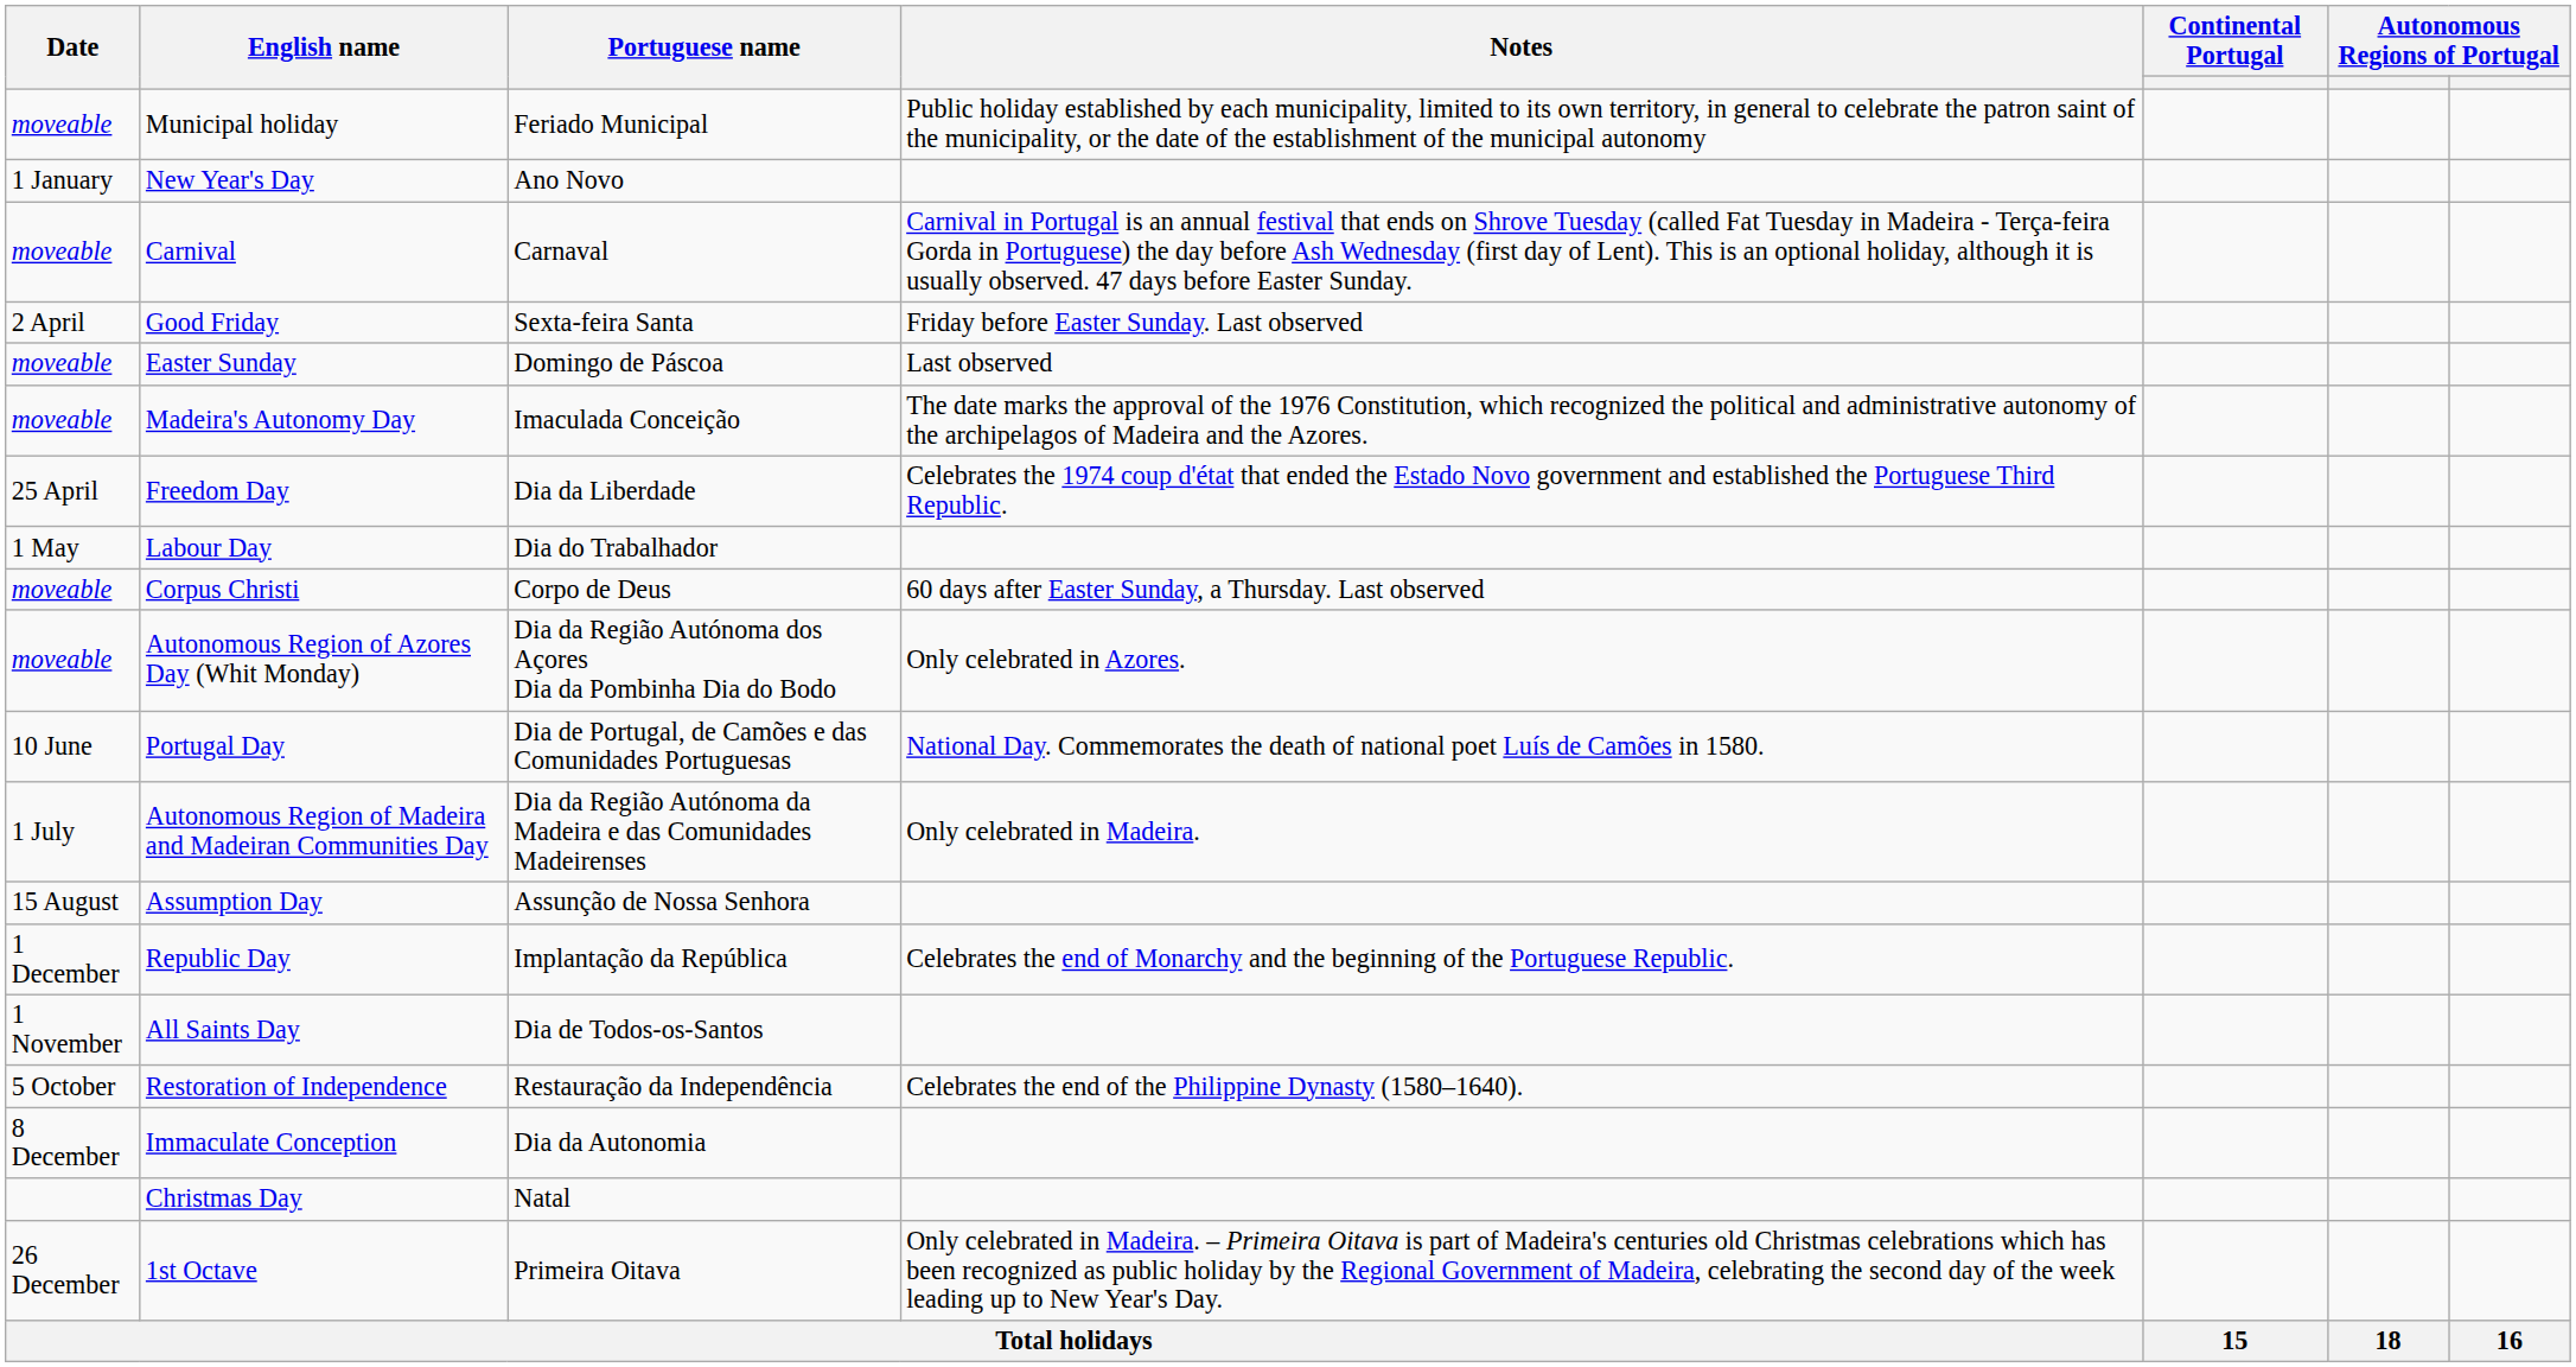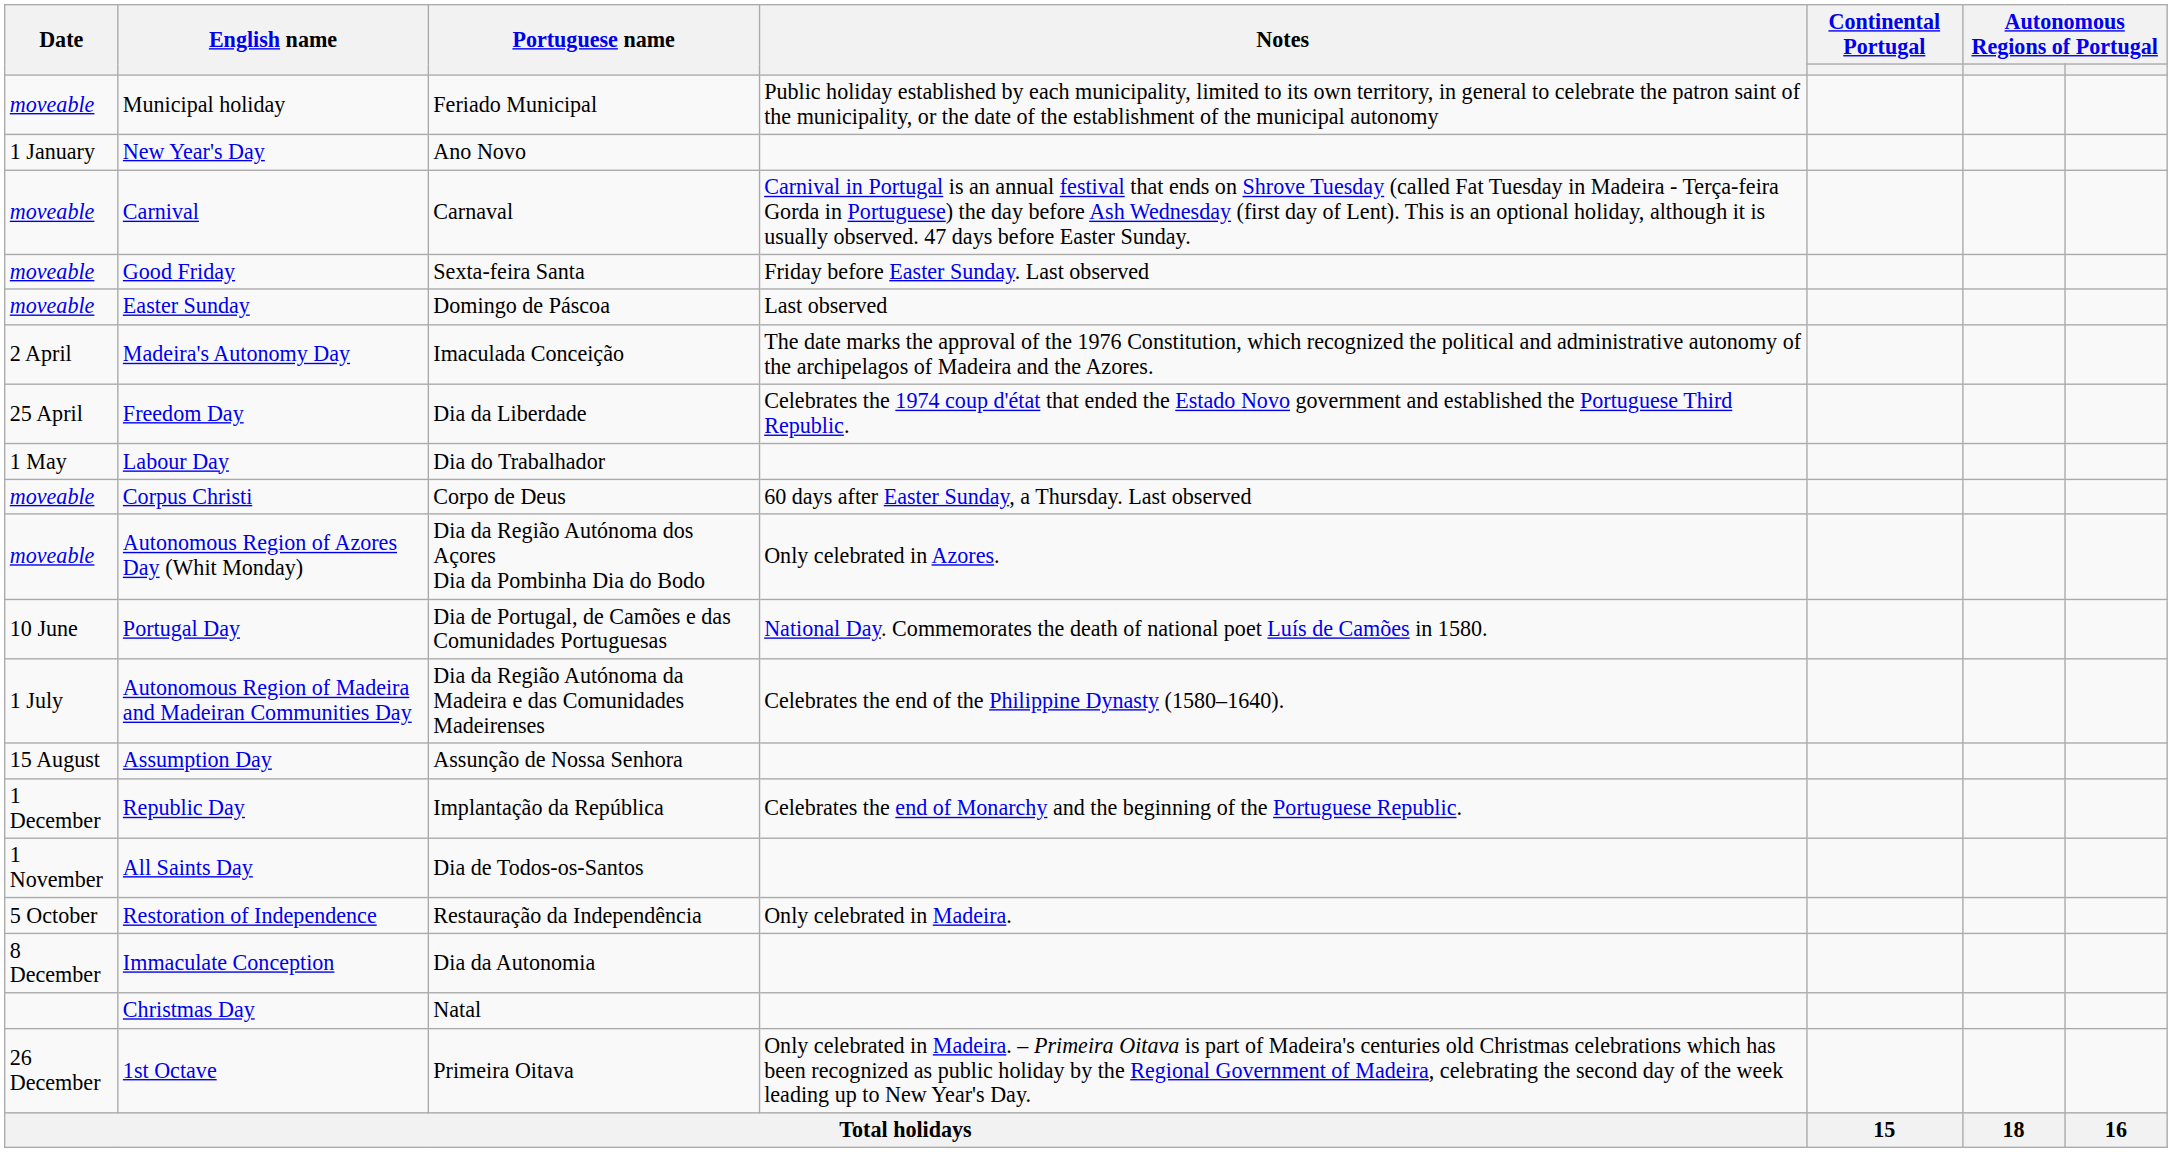 <table class="wikitable">
 <tr>
 <th rowspan="2">Date</th>
 <th rowspan="2"><a href='#'>English</a> name</th>
 <th rowspan="2"><a href='#'>Portuguese</a> name</th>
 <th rowspan="2">Notes</th>
 <th colspan="1"><a href='#'>Continental Portugal</a></th>
 <th colspan="2"><a href='#'>Autonomous Regions of Portugal</a></th>
 </tr>
 <tr>
 <th></th>
 <th></th>
 <th></th>
 </tr>
 <tr>
 <td><em><a href='#'>moveable</a></em></td>
 <td>Municipal holiday</td>
 <td>Feriado Municipal</td>
 <td>Public holiday established by each municipality, limited to its own territory, in general to celebrate the patron saint of the municipality, or the date of the establishment of the municipal autonomy</td>
 <td></td>
 <td></td>
 <td></td>
 </tr>
 <tr>
 <td>1 January</td>
 <td><a href='#'>New Year's Day</a></td>
 <td>Ano Novo</td>
 <td></td>
 <td></td>
 <td></td>
 <td></td>
 </tr>
 <tr>
 <td><em><a href='#'>moveable</a></em></td>
 <td><a href='#'>Carnival</a></td>
 <td>Carnaval</td>
 <td><a href='#'>Carnival in Portugal</a> is an annual <a href='#'>festival</a> that ends on <a href='#'>Shrove Tuesday</a> (called Fat Tuesday in Madeira - Terça-feira Gorda in <a href='#'>Portuguese</a>) the day before <a href='#'>Ash Wednesday</a> (first day of Lent). This is an optional holiday, although it is usually observed. 47 days before Easter Sunday.</td>
 <td></td>
 <td></td>
 <td></td>
 </tr>
 <tr>
-<td>2 April</td>
+<td><em><a href='#'>moveable</a></em></td>
 <td><a href='#'>Good Friday</a></td>
 <td>Sexta-feira Santa</td>
 <td>Friday before <a href='#'>Easter Sunday</a>. Last observed </td>
 <td></td>
 <td></td>
 <td></td>
 </tr>
 <tr>
 <td><em><a href='#'>moveable</a></em></td>
 <td><a href='#'>Easter Sunday</a></td>
 <td>Domingo de Páscoa</td>
 <td>Last observed </td>
 <td></td>
 <td></td>
 <td></td>
 </tr>
 <tr>
-<td><em><a href='#'>moveable</a></em></td>
+<td>2 April</td>
 <td><a href='#'>Madeira's Autonomy Day</a></td>
 <td>Imaculada Conceição</td>
 <td>The date marks the approval of the 1976 Constitution, which recognized the political and administrative autonomy of the archipelagos of Madeira and the Azores.</td>
 <td></td>
 <td></td>
 <td></td>
 </tr>
 <tr>
 <td>25 April</td>
 <td><a href='#'>Freedom Day</a></td>
 <td>Dia da Liberdade</td>
 <td>Celebrates the <a href='#'>1974 coup d'état</a> that ended the <a href='#'>Estado Novo</a> government and established the <a href='#'>Portuguese Third Republic</a>.</td>
 <td></td>
 <td></td>
 <td></td>
 </tr>
 <tr>
 <td>1 May</td>
 <td><a href='#'>Labour Day</a></td>
 <td>Dia do Trabalhador</td>
 <td></td>
 <td></td>
 <td></td>
 <td></td>
 </tr>
 <tr>
 <td><em><a href='#'>moveable</a></em></td>
 <td><a href='#'>Corpus Christi</a></td>
 <td>Corpo de Deus</td>
 <td>60 days after <a href='#'>Easter Sunday</a>, a Thursday. Last observed </td>
 <td></td>
 <td></td>
 <td></td>
 </tr>
 <tr>
 <td><a href='#'><em>moveable</em></a></td>
 <td><a href='#'>Autonomous Region of Azores Day</a> (Whit Monday)</td>
 <td>Dia da Região Autónoma dos Açores<br>Dia da Pombinha Dia do Bodo</td>
 <td>Only celebrated in <a href='#'>Azores</a>.</td>
 <td></td>
 <td></td>
 <td></td>
 </tr>
 <tr>
 <td>10 June</td>
 <td><a href='#'>Portugal Day</a></td>
 <td>Dia de Portugal, de Camões e das Comunidades Portuguesas</td>
 <td><a href='#'>National Day</a>. Commemorates the death of national poet <a href='#'>Luís de Camões</a> in 1580.</td>
 <td></td>
 <td></td>
 <td></td>
 </tr>
 <tr>
 <td>1 July</td>
 <td><a href='#'>Autonomous Region of Madeira and Madeiran Communities Day</a></td>
 <td>Dia da Região Autónoma da Madeira e das Comunidades Madeirenses</td>
-<td>Only celebrated in <a href='#'>Madeira</a>.</td>
+<td>Celebrates the end of the <a href='#'>Philippine Dynasty</a> (1580–1640).</td>
 <td></td>
 <td></td>
 <td></td>
 </tr>
 <tr>
 <td>15 August</td>
 <td><a href='#'>Assumption Day</a></td>
 <td>Assunção de Nossa Senhora</td>
 <td></td>
 <td></td>
 <td></td>
 <td></td>
 </tr>
 <tr>
 <td>1 December</td>
 <td><a href='#'>Republic Day</a></td>
 <td>Implantação da República</td>
 <td>Celebrates the <a href='#'>end of Monarchy</a> and the beginning of the <a href='#'>Portuguese Republic</a>.</td>
 <td></td>
 <td></td>
 <td></td>
 </tr>
 <tr>
 <td>1 November</td>
 <td><a href='#'>All Saints Day</a></td>
 <td>Dia de Todos-os-Santos</td>
 <td></td>
 <td></td>
 <td></td>
 <td></td>
 </tr>
 <tr>
 <td>5 October</td>
 <td><a href='#'>Restoration of Independence</a></td>
 <td>Restauração da Independência</td>
-<td>Celebrates the end of the <a href='#'>Philippine Dynasty</a> (1580–1640).</td>
+<td>Only celebrated in <a href='#'>Madeira</a>.</td>
 <td></td>
 <td></td>
 <td></td>
 </tr>
 <tr>
 <td>8 December</td>
 <td><a href='#'>Immaculate Conception</a></td>
 <td>Dia da Autonomia</td>
 <td></td>
 <td></td>
 <td></td>
 <td></td>
 </tr>
 <tr>
 <td></td>
 <td><a href='#'>Christmas Day</a></td>
 <td>Natal</td>
 <td></td>
 <td></td>
 <td></td>
 <td></td>
 </tr>
 <tr>
 <td>26 December</td>
 <td><a href='#'>1st Octave</a></td>
 <td>Primeira Oitava</td>
 <td>Only celebrated in <a href='#'>Madeira</a>. – <em>Primeira Oitava</em> is part of Madeira's centuries old Christmas celebrations which has been recognized as public holiday by the <a href='#'>Regional Government of Madeira</a>, celebrating the second day of the week leading up to New Year's Day.</td>
 <td></td>
 <td></td>
 <td></td>
 </tr>
 <tr>
 <th colspan="4">Total holidays</th>
 <th>15</th>
 <th>18</th>
 <th>16</th>
 </tr>
 </table>
